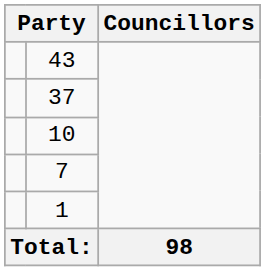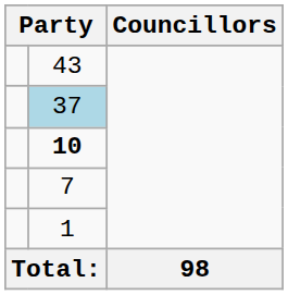 <table class="wikitable">
 <tr>
 <th colspan="2">Party</th>
 <th>Councillors</th>
 </tr>
 <tr>
 <td></td>
 <td align=center>43</td>
 </tr>
 <tr>
 <td></td>
-<td align=center>37</td>
+<td align=center style="background: lightblue;">37</td>
 </tr>
 <tr>
 <td></td>
-<td align=center>10</td>
+<td align=center><strong>10</strong></td>
 </tr>
 <tr>
 <td></td>
 <td align=center>7</td>
 </tr>
 <tr>
 <td></td>
 <td align=center>1</td>
 </tr>
 <tr>
 <th colspan="2">Total:</th>
 <th>98</th>
 </tr>
 </table>
